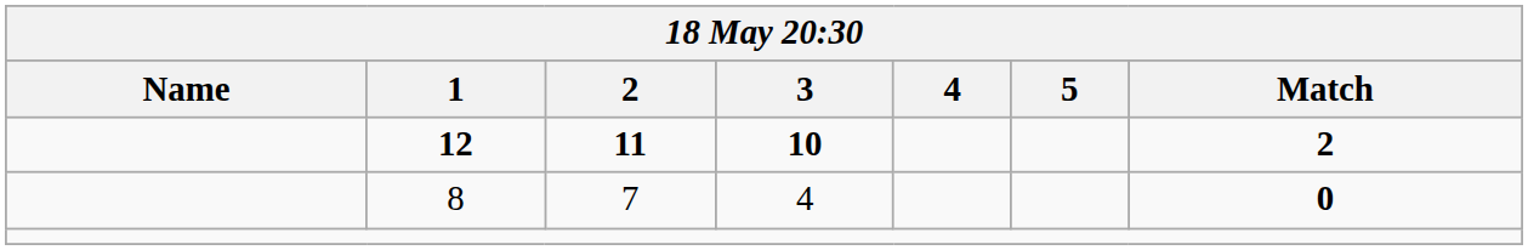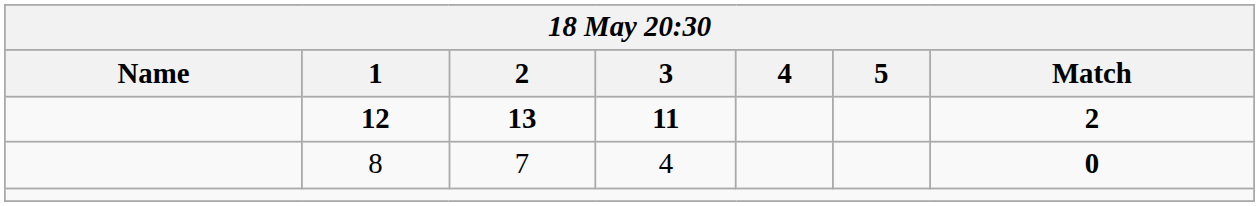 <table class=wikitable style="text-align:center; width: 55%">
 <tr>
 <th colspan=17><em>18 May 20:30</em></th>
 </tr>
 <tr>
 <th>Name</th>
 <th>1</th>
 <th>2</th>
 <th>3</th>
 <th>4</th>
 <th>5</th>
 <th>Match</th>
 </tr>
 <tr>
 <td style="text-align:left;"><strong></strong></td>
 <td><strong>12</strong></td>
+<td><strong>13</strong></td>
 <td><strong>11</strong></td>
-<td><strong>10</strong></td>
 <td></td>
 <td></td>
 <td><strong>2</strong></td>
 </tr>
 <tr>
 <td style="text-align:left;"></td>
 <td>8</td>
 <td>7</td>
 <td>4</td>
 <td></td>
 <td></td>
 <td><strong>0</strong></td>
 </tr>
 <tr>
 <td colspan=17></td>
 </tr>
 </table>
